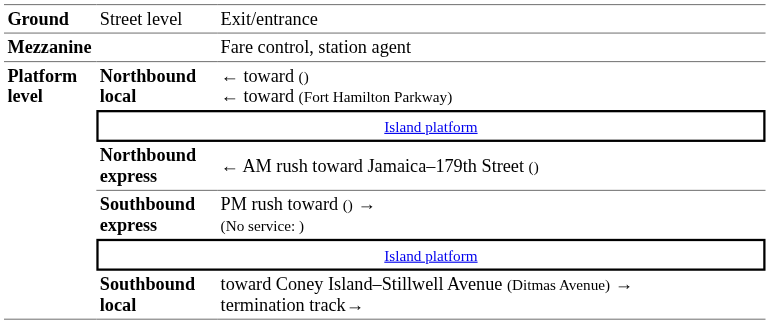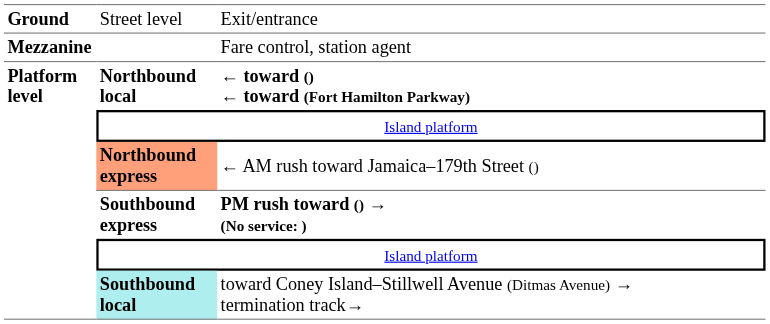 <table table border=0 cellspacing=0 cellpadding=3>
 <tr>
 <td style="border-top:solid 1px gray;" width=75><strong>Ground</strong></td>
 <td style="border-top:solid 1px gray;" width=100>Street level</td>
 <td style="border-top:solid 1px gray;" width=475>Exit/entrance</td>
 </tr>
 <tr>
 <td style="border-top:solid 1px gray;" colspan=2><strong>Mezzanine</strong></td>
 <td style="border-top:solid 1px gray;">Fare control, station agent<br></td>
 </tr>
 <tr>
 <td style="border-top:solid 1px gray;border-bottom:solid 1px gray;" rowspan=6 valign=top><strong>Platform level</strong></td>
 <td style="border-top:solid 1px gray;"><strong>Northbound local</strong></td>
-<td style="border-top:solid 1px gray;">←  toward  <small>()</small><br>←  toward  <small>(Fort Hamilton Parkway)</small></td>
+<td style="border-top:solid 1px gray;"><strong>←  toward  <small>()</small><br>←  toward  <small>(Fort Hamilton Parkway)</small></strong></td>
 </tr>
 <tr>
 <td style="border-top:solid 2px black;border-right:solid 2px black;border-left:solid 2px black;border-bottom:solid 2px black;text-align:center;" colspan=2><small><a href='#'>Island platform</a> </small></td>
 </tr>
 <tr>
-<td style="border-bottom:solid 1px gray;"><span><strong>Northbound express</strong></span></td>
+<td style="background: lightsalmon; border-bottom:solid 1px gray;"><span><strong>Northbound express</strong></span></td>
 <td style="border-bottom:solid 1px gray;">←  AM rush toward Jamaica–179th Street <small>()</small></td>
 </tr>
 <tr>
 <td><span><strong>Southbound express</strong></span></td>
-<td>  PM rush toward  <small>()</small> →<br> <small>(No service: )</small></td>
+<td><strong>  PM rush toward  <small>()</small> →<br> <small>(No service: )</small></strong></td>
 </tr>
 <tr>
 <td style="border-top:solid 2px black;border-right:solid 2px black;border-left:solid 2px black;border-bottom:solid 2px black;text-align:center;" colspan=2><small><a href='#'>Island platform</a> </small></td>
 </tr>
 <tr>
-<td style="border-bottom:solid 1px gray;"><strong>Southbound local</strong></td>
+<td style="background: paleturquoise; border-bottom:solid 1px gray;"><strong>Southbound local</strong></td>
 <td style="border-bottom:solid 1px gray;">  toward Coney Island–Stillwell Avenue <small>(Ditmas Avenue)</small> →<br>  termination track→</td>
 </tr>
 </table>
